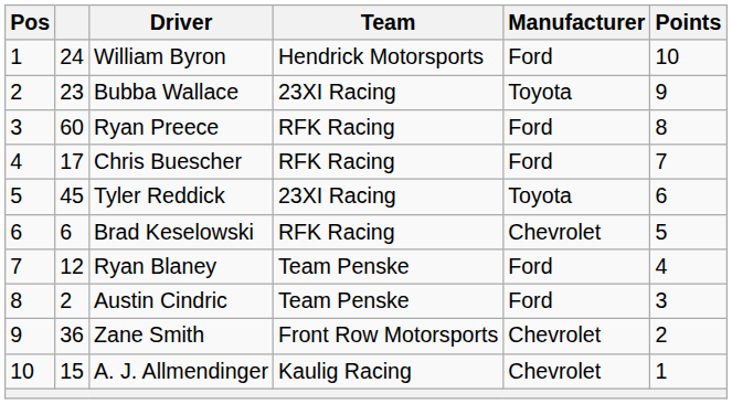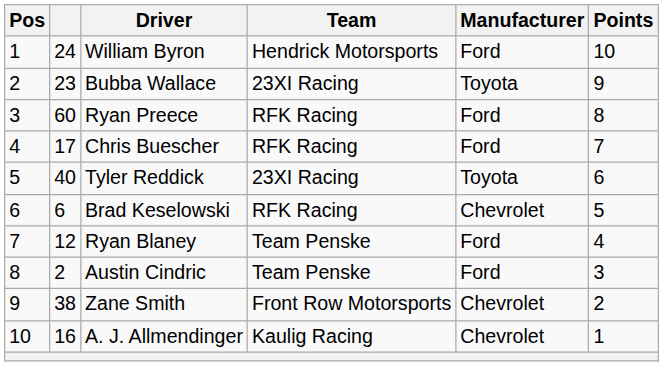 <table class="wikitable" style="font-size:98%">
 <tr>
 <th>Pos</th>
 <th></th>
 <th>Driver</th>
 <th>Team</th>
 <th>Manufacturer</th>
 <th>Points</th>
 </tr>
 <tr>
 <td>1</td>
 <td>24</td>
 <td>William Byron</td>
 <td>Hendrick Motorsports</td>
 <td>Ford</td>
 <td>10</td>
 </tr>
 <tr>
 <td>2</td>
 <td>23</td>
 <td>Bubba Wallace</td>
 <td>23XI Racing</td>
 <td>Toyota</td>
 <td>9</td>
 </tr>
 <tr>
 <td>3</td>
 <td>60</td>
 <td>Ryan Preece</td>
 <td>RFK Racing</td>
 <td>Ford</td>
 <td>8</td>
 </tr>
 <tr>
 <td>4</td>
 <td>17</td>
 <td>Chris Buescher</td>
 <td>RFK Racing</td>
 <td>Ford</td>
 <td>7</td>
 </tr>
 <tr>
 <td>5</td>
-<td>45</td>
+<td>40</td>
 <td>Tyler Reddick</td>
 <td>23XI Racing</td>
 <td>Toyota</td>
 <td>6</td>
 </tr>
 <tr>
 <td>6</td>
 <td>6</td>
 <td>Brad Keselowski</td>
 <td>RFK Racing</td>
 <td>Chevrolet</td>
 <td>5</td>
 </tr>
 <tr>
 <td>7</td>
 <td>12</td>
 <td>Ryan Blaney</td>
 <td>Team Penske</td>
 <td>Ford</td>
 <td>4</td>
 </tr>
 <tr>
 <td>8</td>
 <td>2</td>
 <td>Austin Cindric</td>
 <td>Team Penske</td>
 <td>Ford</td>
 <td>3</td>
 </tr>
 <tr>
 <td>9</td>
-<td>36</td>
+<td>38</td>
 <td>Zane Smith</td>
 <td>Front Row Motorsports</td>
 <td>Chevrolet</td>
 <td>2</td>
 </tr>
 <tr>
 <td>10</td>
-<td>15</td>
+<td>16</td>
 <td>A. J. Allmendinger</td>
 <td>Kaulig Racing</td>
 <td>Chevrolet</td>
 <td>1</td>
 </tr>
 <tr>
 <th colspan="6"></th>
 </tr>
 </table>
